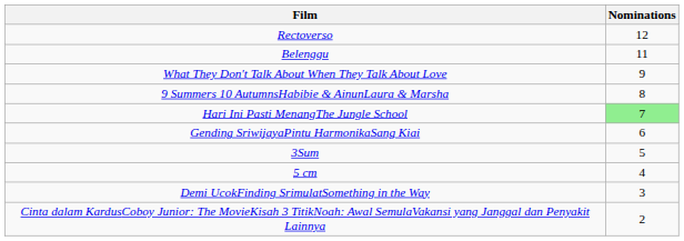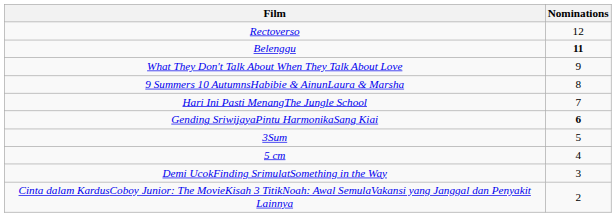 <table style="text-align: center" class="wikitable sortable">
 <tr>
 <th>Film</th>
 <th>Nominations</th>
 </tr>
 <tr>
 <td><em><a href='#'>Rectoverso</a></em></td>
 <td>12</td>
 </tr>
 <tr>
 <td><em><a href='#'>Belenggu</a></em></td>
-<td>11</td>
+<td><strong>11</strong></td>
 </tr>
 <tr>
 <td><em><a href='#'>What They Don't Talk About When They Talk About Love</a></em></td>
 <td>9</td>
 </tr>
 <tr>
 <td><em><a href='#'>9 Summers 10 Autumns</a></em><em><a href='#'>Habibie & Ainun</a></em><em><a href='#'>Laura & Marsha</a></em></td>
 <td>8</td>
 </tr>
 <tr>
 <td><em><a href='#'>Hari Ini Pasti Menang</a></em><em><a href='#'>The Jungle School</a></em></td>
-<td style="background: lightgreen;">7</td>
+<td>7</td>
 </tr>
 <tr>
 <td><em><a href='#'>Gending Sriwijaya</a></em><em><a href='#'>Pintu Harmonika</a></em><em><a href='#'>Sang Kiai</a></em></td>
-<td>6</td>
+<td><strong>6</strong></td>
 </tr>
 <tr>
 <td><em><a href='#'>3Sum</a></em></td>
 <td>5</td>
 </tr>
 <tr>
 <td><a href='#'><em>5 cm</em></a></td>
 <td>4</td>
 </tr>
 <tr>
 <td><em><a href='#'>Demi Ucok</a></em><em><a href='#'>Finding Srimulat</a></em><em><a href='#'>Something in the Way</a></em></td>
 <td>3</td>
 </tr>
 <tr>
 <td><em><a href='#'>Cinta dalam Kardus</a></em><em><a href='#'>Coboy Junior: The Movie</a></em><em><a href='#'>Kisah 3 Titik</a></em><em><a href='#'>Noah: Awal Semula</a></em><em><a href='#'>Vakansi yang Janggal dan Penyakit Lainnya</a></em></td>
 <td>2</td>
 </tr>
 </table>
